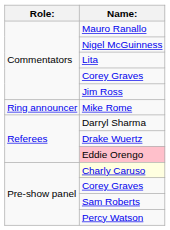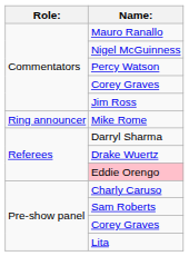 <table class=wikitable style="font-size:90%; margin: 0.5em 0 0.5em 1em; float: right; clear: right;">
 <tr>
 <th>Role:</th>
 <th>Name:</th>
 </tr>
 <tr>
 <td rowspan=5>Commentators</td>
 <td><a href='#'>Mauro Ranallo</a></td>
 </tr>
 <tr>
 <td><a href='#'>Nigel McGuinness</a></td>
 </tr>
 <tr>
-<td><a href='#'>Lita</a></td>
+<td><a href='#'>Percy Watson</a></td>
 </tr>
 <tr>
 <td><a href='#'>Corey Graves</a> </td>
 </tr>
 <tr>
 <td><a href='#'>Jim Ross</a> </td>
 </tr>
 <tr>
 <td rowspan=1><a href='#'>Ring announcer</a></td>
 <td><a href='#'>Mike Rome</a></td>
 </tr>
 <tr>
 <td rowspan=3><a href='#'>Referees</a></td>
 <td>Darryl Sharma</td>
 </tr>
 <tr>
 <td><a href='#'>Drake Wuertz</a></td>
 </tr>
 <tr>
 <td style="background: pink;">Eddie Orengo</td>
 </tr>
 <tr>
 <td rowspan=4>Pre-show panel</td>
-<td style="background: lightyellow;"><a href='#'>Charly Caruso</a></td>
+<td><a href='#'>Charly Caruso</a></td>
+</tr>
+<tr>
+<td><a href='#'>Sam Roberts</a></td>
 </tr>
 <tr>
 <td><a href='#'>Corey Graves</a></td>
 </tr>
 <tr>
-<td><a href='#'>Sam Roberts</a></td>
-</tr>
-<tr>
-<td><a href='#'>Percy Watson</a></td>
+<td><a href='#'>Lita</a></td>
 </tr>
 </table>
